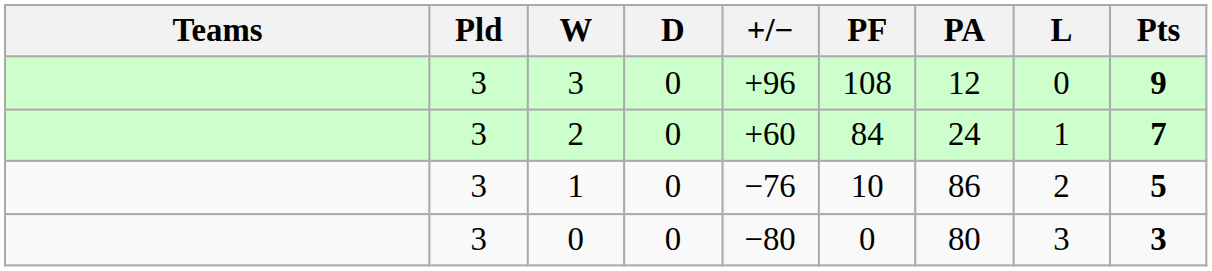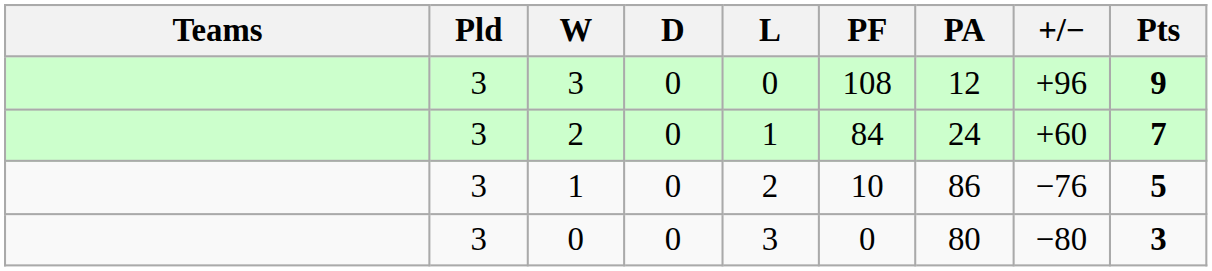 <table class="wikitable" style="text-align: center;">
 <tr>
 <th width="200">Teams</th>
 <th width="40">Pld</th>
 <th width="40">W</th>
 <th width="40">D</th>
-<th width="40">+/−</th>
+<th width="40">L</th>
 <th width="40">PF</th>
 <th width="40">PA</th>
-<th width="40">L</th>
+<th width="40">+/−</th>
 <th width="40">Pts</th>
 </tr>
 <tr style="background:#cfc; width:20px;">
 <td align=left></td>
 <td>3</td>
 <td>3</td>
 <td>0</td>
-<td>+96</td>
+<td>0</td>
 <td>108</td>
 <td>12</td>
-<td>0</td>
+<td>+96</td>
 <td><strong>9</strong></td>
 </tr>
 <tr style="background:#cfc; width:20px;">
 <td align=left></td>
 <td>3</td>
 <td>2</td>
 <td>0</td>
-<td>+60</td>
+<td>1</td>
 <td>84</td>
 <td>24</td>
-<td>1</td>
+<td>+60</td>
 <td><strong>7</strong></td>
 </tr>
 <tr>
 <td align=left></td>
 <td>3</td>
 <td>1</td>
 <td>0</td>
-<td>−76</td>
+<td>2</td>
 <td>10</td>
 <td>86</td>
-<td>2</td>
+<td>−76</td>
 <td><strong>5</strong></td>
 </tr>
 <tr>
 <td align=left></td>
 <td>3</td>
 <td>0</td>
 <td>0</td>
-<td>−80</td>
+<td>3</td>
 <td>0</td>
 <td>80</td>
-<td>3</td>
+<td>−80</td>
 <td><strong>3</strong></td>
 </tr>
 </table>
